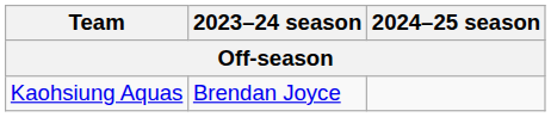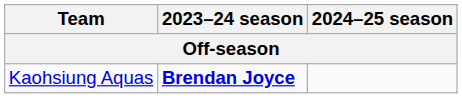 <table class="wikitable">
 <tr>
 <th>Team</th>
 <th>2023–24 season</th>
 <th>2024–25 season</th>
 </tr>
 <tr>
 <th colspan="3">Off-season</th>
 </tr>
 <tr>
 <td><a href='#'>Kaohsiung Aquas</a></td>
-<td><a href='#'>Brendan Joyce</a></td>
+<td><strong><a href='#'>Brendan Joyce</a></strong></td>
 <td></td>
 </tr>
 </table>
